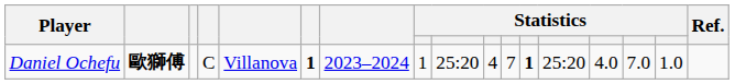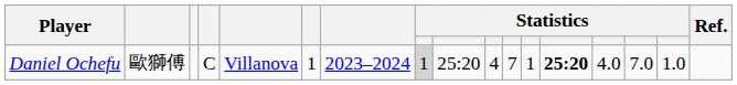 <table class="wikitable sortable" style="font-size:95%; text-align:right;">
 <tr>
 <th rowspan="2">Player</th>
 <th rowspan="2"></th>
 <th rowspan="2"></th>
 <th rowspan="2"></th>
 <th rowspan="2"></th>
 <th rowspan="2"></th>
 <th rowspan="2"></th>
 <th colspan="9">Statistics</th>
 <th rowspan="2">Ref.</th>
 </tr>
 <tr>
 <th></th>
 <th></th>
 <th></th>
 <th></th>
 <th></th>
 <th></th>
 <th></th>
 <th></th>
 <th></th>
 </tr>
 <tr>
 <td align="left"><em><a href='#'>Daniel Ochefu</a></em></td>
-<td align="left"><strong>歐獅傅</strong></td>
+<td align="left">歐獅傅</td>
 <td align="center"></td>
 <td align="center">C</td>
 <td align="left"><a href='#'>Villanova</a></td>
-<td align="center"><strong>1</strong></td>
+<td align="center">1</td>
 <td align="center"><a href='#'>2023–2024</a></td>
-<td>1</td>
+<td style="background: lightgrey;">1</td>
 <td>25:20</td>
 <td>4</td>
 <td>7</td>
-<td><strong>1</strong></td>
-<td>25:20</td>
+<td>1</td>
+<td><strong>25:20</strong></td>
 <td>4.0</td>
 <td>7.0</td>
 <td>1.0</td>
 <td align="center"></td>
 </tr>
 </table>
